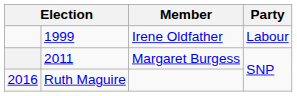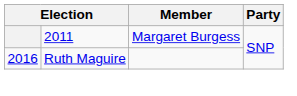 <table class="wikitable">
 <tr>
 <th colspan="2">Election</th>
 <th>Member</th>
 <th>Party</th>
-</tr>
-<tr>
-<td style="background-color: "></td>
-<td><a href='#'>1999</a></td>
-<td><a href='#'>Irene Oldfather</a></td>
-<td><a href='#'>Labour</a></td>
 </tr>
 <tr>
 <th style="background-color: "></th>
 <td><a href='#'>2011</a></td>
 <td><a href='#'>Margaret Burgess</a></td>
 <td rowspan="2"><a href='#'>SNP</a></td>
 </tr>
 <tr>
 <td><a href='#'>2016</a></td>
 <td><a href='#'>Ruth Maguire</a></td>
 </tr>
 </table>
